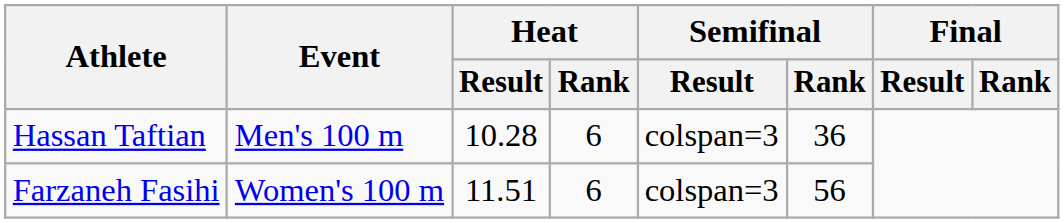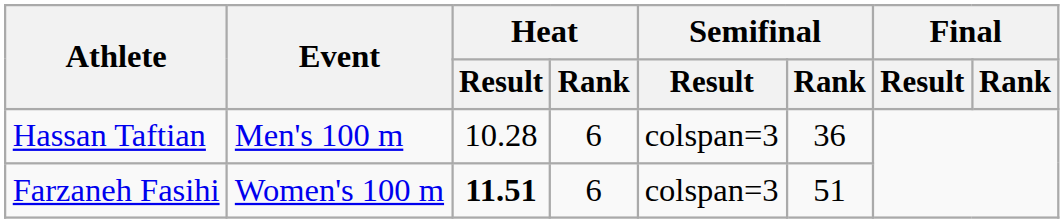 <table class="wikitable" style="font-size:90%; text-align:center">
 <tr>
 <th rowspan=2>Athlete</th>
 <th rowspan=2>Event</th>
 <th colspan=2>Heat</th>
 <th colspan=2>Semifinal</th>
 <th colspan=2>Final</th>
 </tr>
 <tr style="font-size:95%">
 <th>Result</th>
 <th>Rank</th>
 <th>Result</th>
 <th>Rank</th>
 <th>Result</th>
 <th>Rank</th>
 </tr>
 <tr align=center>
 <td align=left><a href='#'>Hassan Taftian</a></td>
 <td align=left><a href='#'>Men's 100 m</a></td>
 <td>10.28 </td>
 <td>6</td>
 <td>colspan=3 </td>
 <td>36</td>
 </tr>
 <tr align="center">
 <td align=left><a href='#'>Farzaneh Fasihi</a></td>
 <td align=left><a href='#'>Women's 100 m</a></td>
-<td>11.51</td>
+<td><strong>11.51</strong></td>
 <td>6</td>
 <td>colspan=3 </td>
-<td>56</td>
+<td>51</td>
 </tr>
 </table>
